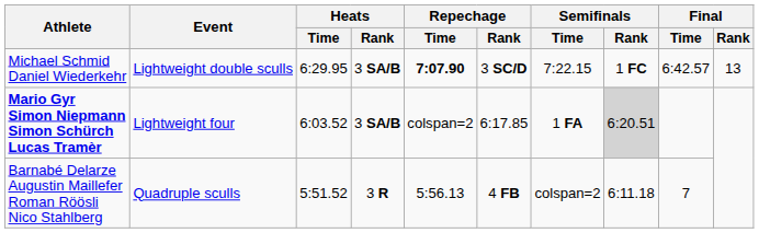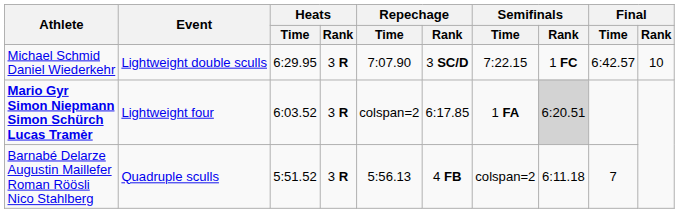 <table class="wikitable" style="font-size:90%">
 <tr>
 <th rowspan="2">Athlete</th>
 <th rowspan="2">Event</th>
 <th colspan="2">Heats</th>
 <th colspan="2">Repechage</th>
 <th colspan="2">Semifinals</th>
 <th colspan="2">Final</th>
 </tr>
 <tr style="font-size:95%">
 <th>Time</th>
 <th>Rank</th>
 <th>Time</th>
 <th>Rank</th>
 <th>Time</th>
 <th>Rank</th>
 <th>Time</th>
 <th>Rank</th>
 </tr>
 <tr align=center>
 <td align=left><a href='#'>Michael Schmid</a><br><a href='#'>Daniel Wiederkehr</a></td>
 <td align=left><a href='#'>Lightweight double sculls</a></td>
 <td>6:29.95</td>
-<td>3 <strong>SA/B</strong></td>
-<td><strong>7:07.90</strong></td>
+<td>3 <strong>R</strong></td>
+<td>7:07.90</td>
 <td>3 <strong>SC/D</strong></td>
 <td>7:22.15</td>
 <td>1 <strong>FC</strong></td>
 <td>6:42.57</td>
-<td>13</td>
+<td>10</td>
 </tr>
 <tr align=center>
 <td align=left><strong><a href='#'>Mario Gyr</a><br><a href='#'>Simon Niepmann</a><br><a href='#'>Simon Schürch</a><br><a href='#'>Lucas Tramèr</a></strong></td>
 <td align=left><a href='#'>Lightweight four</a></td>
 <td>6:03.52</td>
-<td>3 <strong>SA/B</strong></td>
+<td>3 <strong>R</strong></td>
 <td>colspan=2 </td>
 <td>6:17.85</td>
 <td>1 <strong>FA</strong></td>
 <td style="background: lightgrey;">6:20.51</td>
 <td></td>
 </tr>
 <tr align=center>
 <td align=left><a href='#'>Barnabé Delarze</a><br><a href='#'>Augustin Maillefer</a><br><a href='#'>Roman Röösli</a><br><a href='#'>Nico Stahlberg</a></td>
 <td align=left><a href='#'>Quadruple sculls</a></td>
 <td>5:51.52</td>
 <td>3 <strong>R</strong></td>
 <td>5:56.13</td>
 <td>4 <strong>FB</strong></td>
 <td>colspan=2 </td>
 <td>6:11.18</td>
 <td>7</td>
 </tr>
 </table>
